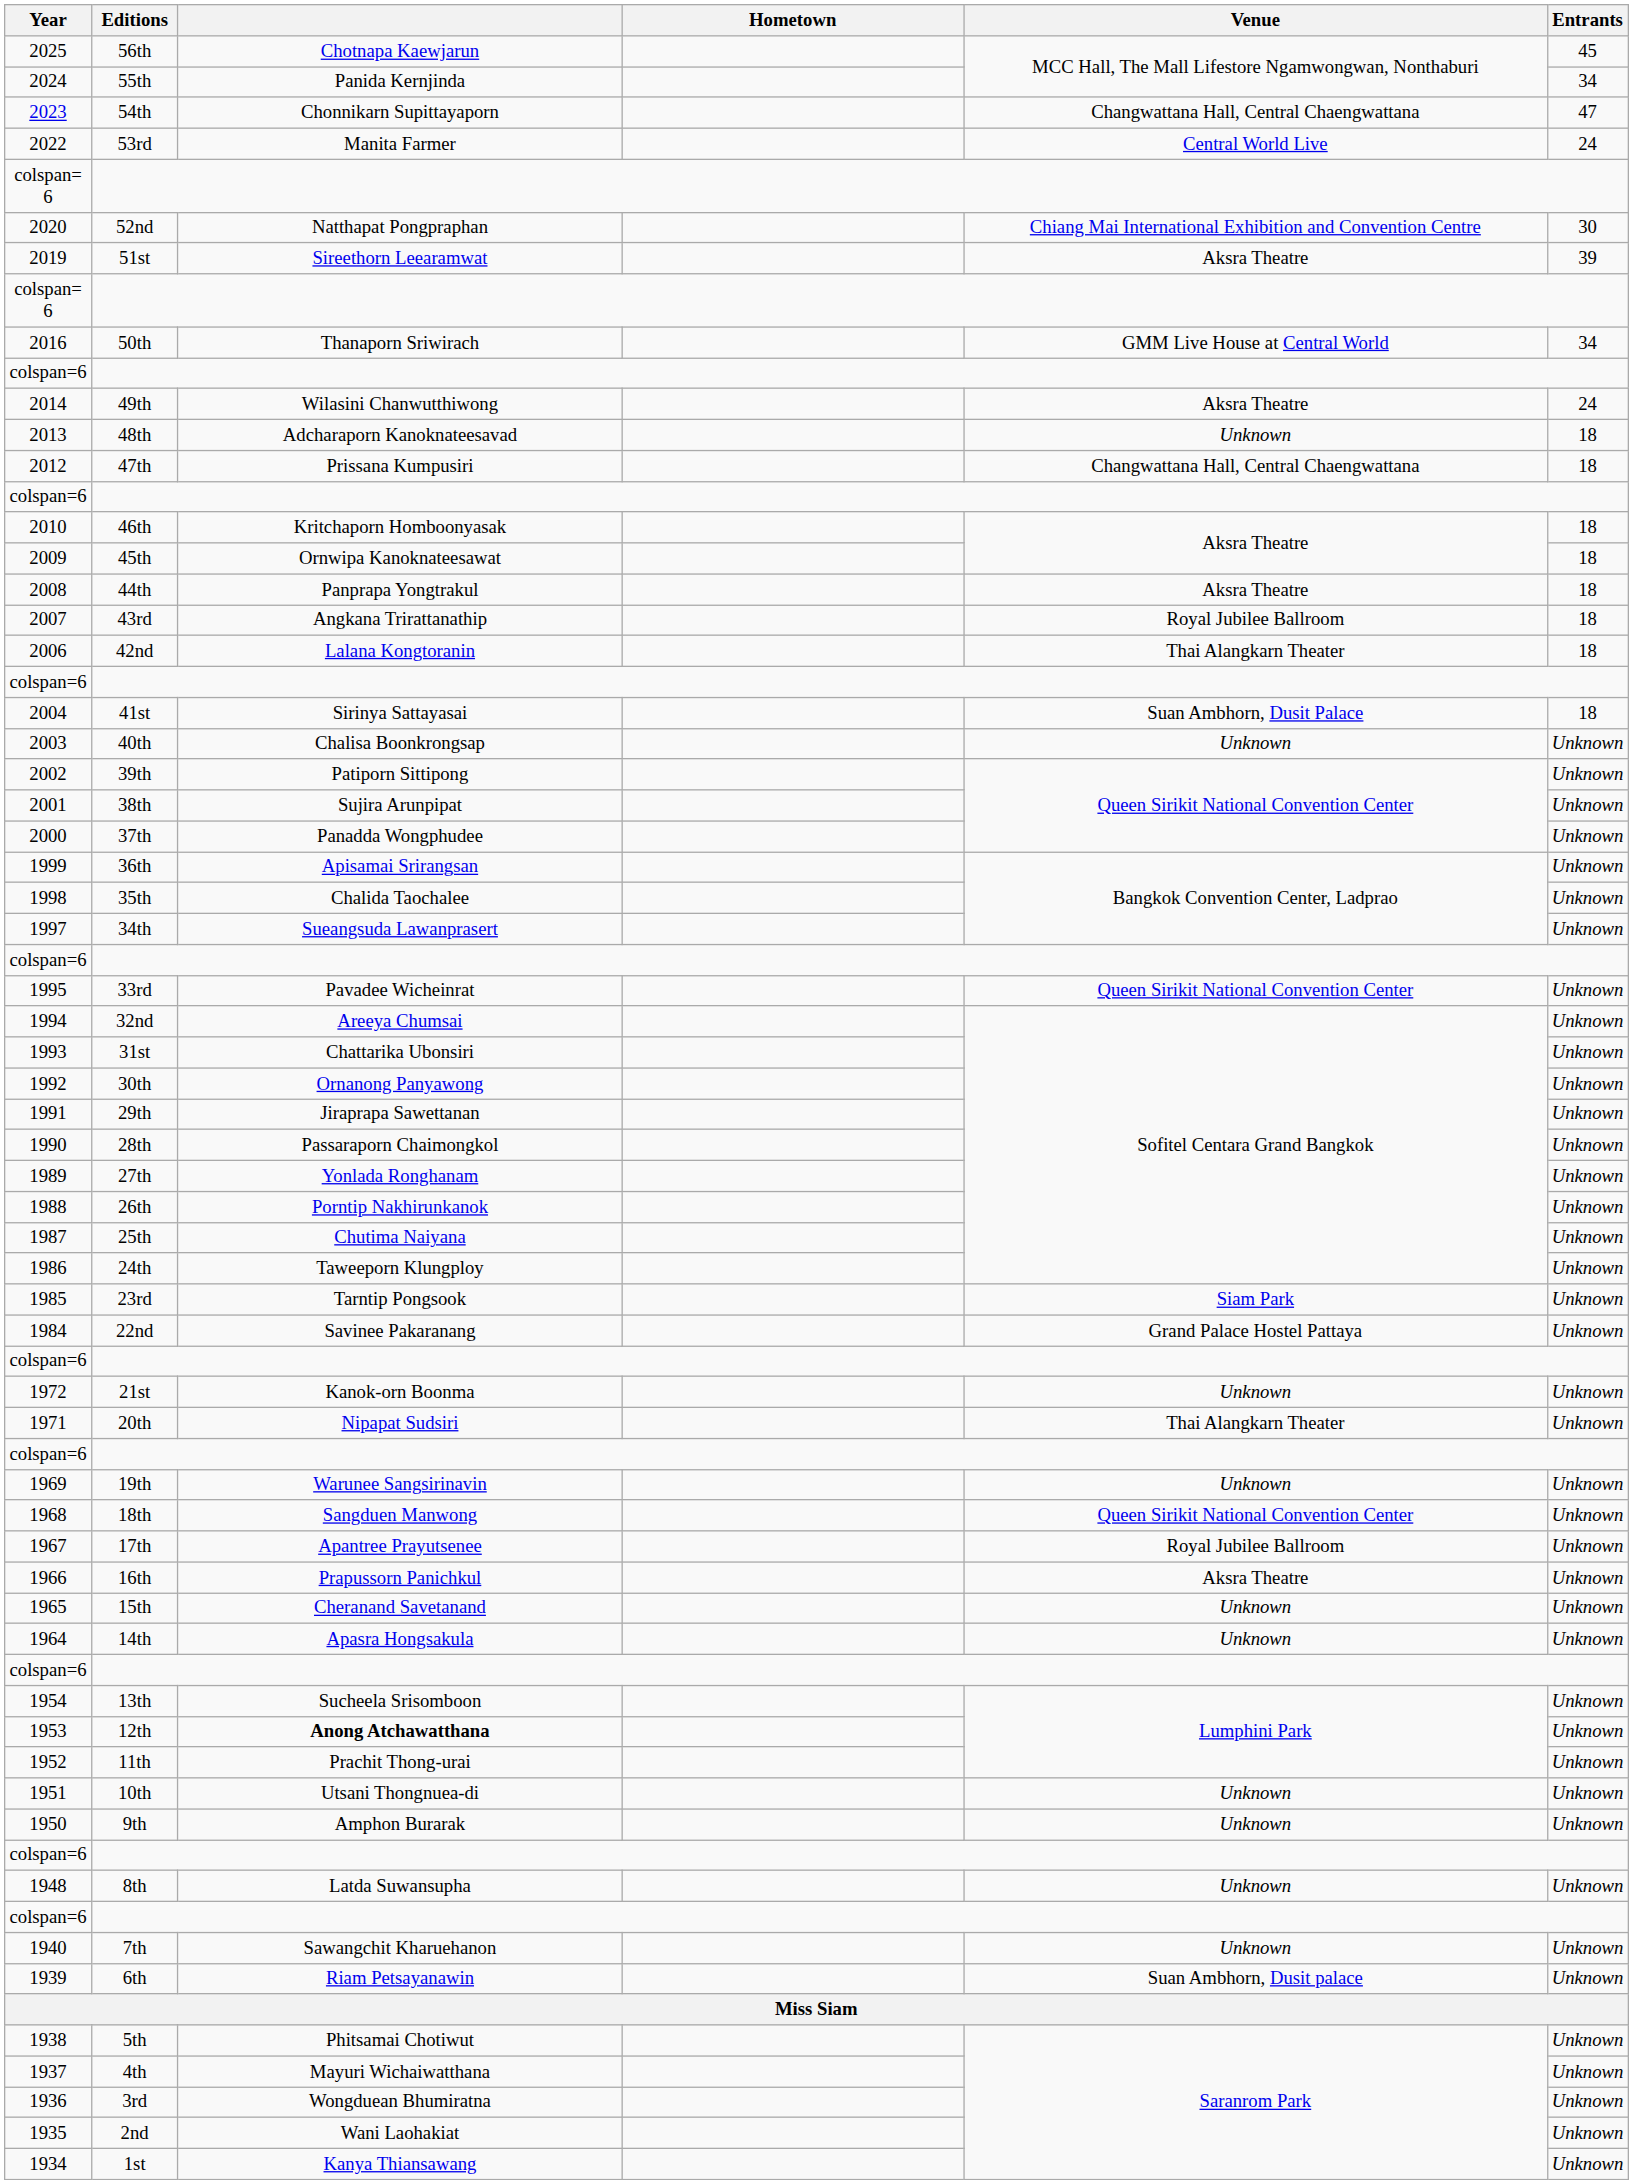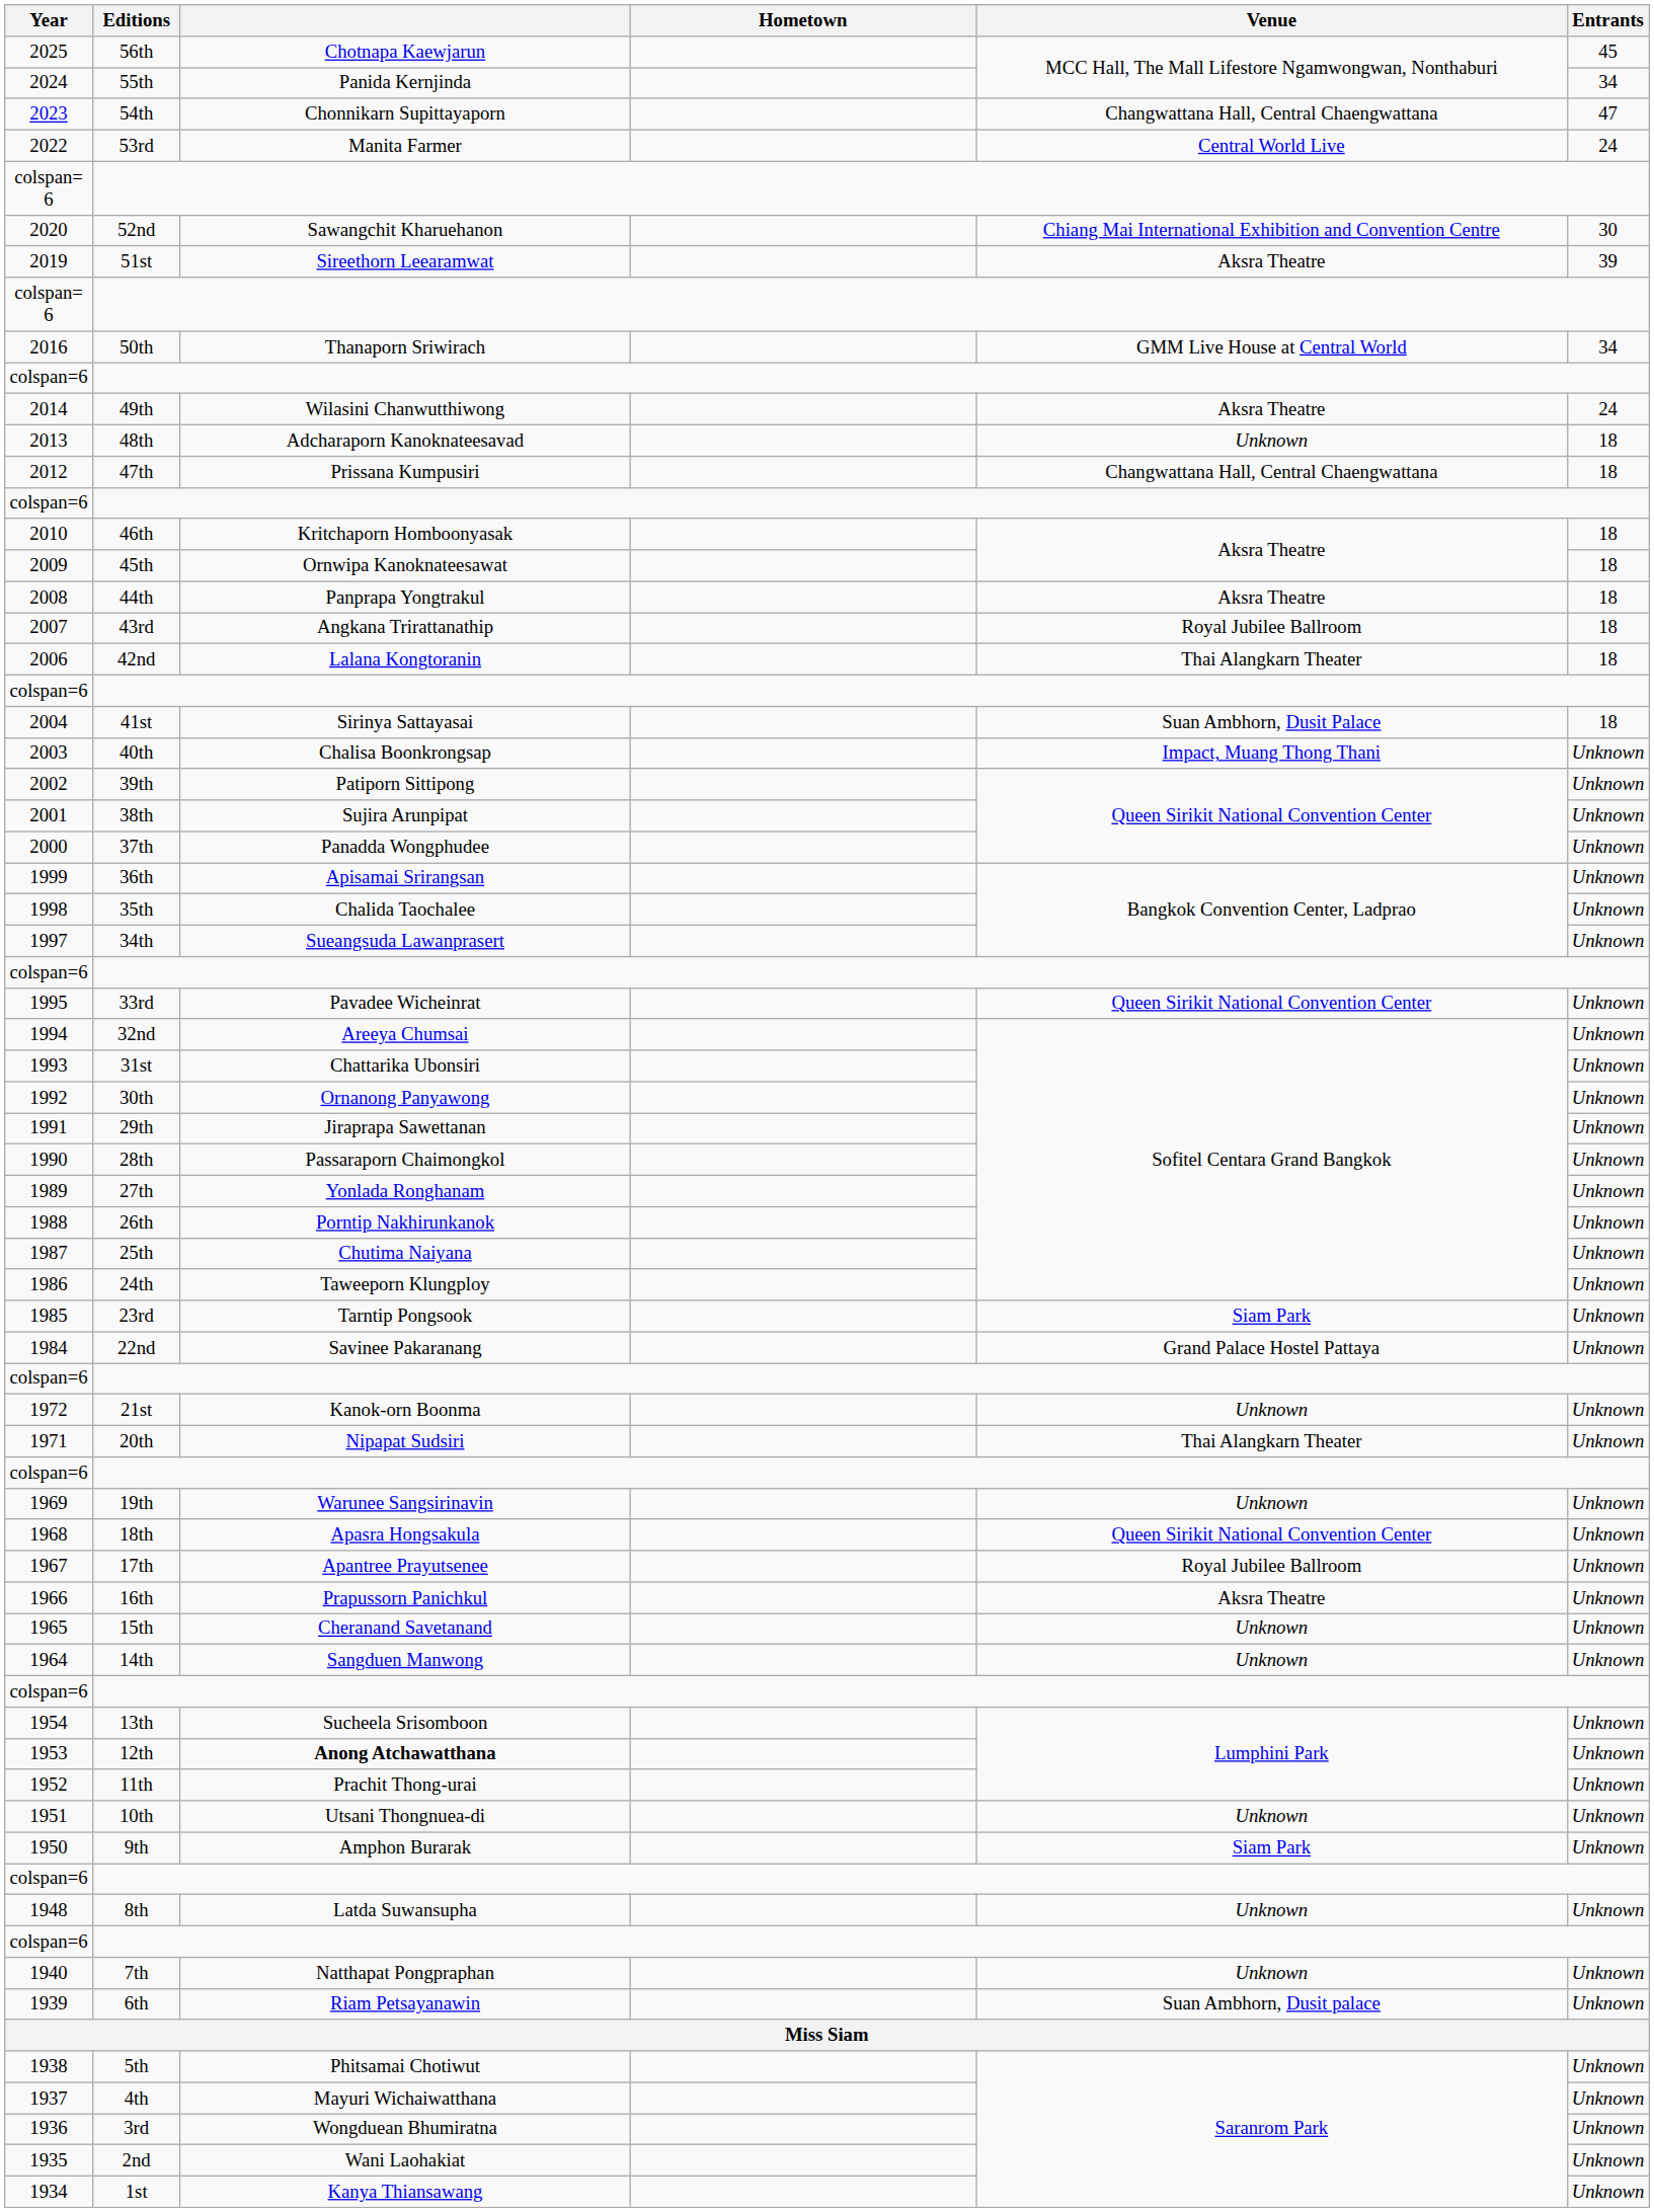 <table class="wikitable" style="font-size: 90%; text-align:center">
 <tr>
 <th width="60">Year</th>
 <th width="60">Editions</th>
 <th width="340"></th>
 <th width="260">Hometown</th>
 <th width="450">Venue</th>
 <th width="50">Entrants</th>
 </tr>
 <tr>
 <td>2025</td>
 <td>56th</td>
 <td><a href='#'>Chotnapa Kaewjarun</a></td>
 <td align=left></td>
 <td rowspan="2">MCC Hall, The Mall Lifestore Ngamwongwan, Nonthaburi</td>
 <td>45</td>
 </tr>
 <tr>
 <td>2024</td>
 <td>55th</td>
 <td>Panida Kernjinda</td>
 <td align=left></td>
 <td>34</td>
 </tr>
 <tr>
 <td><a href='#'>2023</a></td>
 <td>54th</td>
 <td>Chonnikarn Supittayaporn</td>
 <td align=left></td>
 <td>Changwattana Hall, Central Chaengwattana</td>
 <td>47</td>
 </tr>
 <tr>
 <td>2022</td>
 <td>53rd</td>
 <td>Manita Farmer</td>
 <td align=left></td>
 <td><a href='#'>Central World Live</a></td>
 <td>24</td>
 </tr>
 <tr>
 <td>colspan= 6 </td>
 </tr>
 <tr>
 <td>2020</td>
 <td>52nd</td>
-<td>Natthapat Pongpraphan</td>
+<td>Sawangchit Kharuehanon</td>
 <td align=left></td>
 <td><a href='#'>Chiang Mai International Exhibition and Convention Centre</a></td>
 <td>30</td>
 </tr>
 <tr>
 <td>2019</td>
 <td>51st</td>
 <td><a href='#'>Sireethorn Leearamwat</a></td>
 <td align=left></td>
 <td>Aksra Theatre</td>
 <td>39</td>
 </tr>
 <tr>
 <td>colspan= 6 </td>
 </tr>
 <tr>
 <td>2016</td>
 <td>50th</td>
 <td>Thanaporn Sriwirach</td>
 <td align=left></td>
 <td>GMM Live House at <a href='#'>Central World</a></td>
 <td>34</td>
 </tr>
 <tr>
 <td>colspan=6 </td>
 </tr>
 <tr>
 <td>2014</td>
 <td>49th</td>
 <td>Wilasini Chanwutthiwong</td>
 <td align=left></td>
 <td>Aksra Theatre</td>
 <td>24</td>
 </tr>
 <tr>
 <td>2013</td>
 <td>48th</td>
 <td>Adcharaporn Kanoknateesavad</td>
 <td align=left></td>
 <td><em>Unknown</em></td>
 <td>18</td>
 </tr>
 <tr>
 <td>2012</td>
 <td>47th</td>
 <td>Prissana Kumpusiri</td>
 <td align=left></td>
 <td>Changwattana Hall, Central Chaengwattana</td>
 <td>18</td>
 </tr>
 <tr>
 <td>colspan=6 </td>
 </tr>
 <tr>
 <td>2010</td>
 <td>46th</td>
 <td>Kritchaporn Homboonyasak</td>
 <td align=left></td>
 <td rowspan="2">Aksra Theatre</td>
 <td>18</td>
 </tr>
 <tr>
 <td>2009</td>
 <td>45th</td>
 <td>Ornwipa Kanoknateesawat</td>
 <td align=left></td>
 <td>18</td>
 </tr>
 <tr>
 <td>2008</td>
 <td>44th</td>
 <td>Panprapa Yongtrakul</td>
 <td align=left></td>
 <td>Aksra Theatre</td>
 <td>18</td>
 </tr>
 <tr>
 <td>2007</td>
 <td>43rd</td>
 <td>Angkana Trirattanathip</td>
 <td align=left></td>
 <td>Royal Jubilee Ballroom</td>
 <td>18</td>
 </tr>
 <tr>
 <td>2006</td>
 <td>42nd</td>
 <td><a href='#'>Lalana Kongtoranin</a></td>
 <td align=left></td>
 <td>Thai Alangkarn Theater</td>
 <td>18</td>
 </tr>
 <tr>
 <td>colspan=6 </td>
 </tr>
 <tr>
 <td>2004</td>
 <td>41st</td>
 <td>Sirinya Sattayasai</td>
 <td align=left></td>
 <td>Suan Ambhorn, <a href='#'>Dusit Palace</a></td>
 <td>18</td>
 </tr>
 <tr>
 <td>2003</td>
 <td>40th</td>
 <td>Chalisa Boonkrongsap</td>
 <td align=left></td>
-<td><em>Unknown</em></td>
+<td><a href='#'>Impact, Muang Thong Thani</a></td>
 <td><em>Unknown</em></td>
 </tr>
 <tr>
 <td>2002</td>
 <td>39th</td>
 <td>Patiporn Sittipong</td>
 <td align=left></td>
 <td rowspan="3"><a href='#'>Queen Sirikit National Convention Center</a></td>
 <td><em>Unknown</em></td>
 </tr>
 <tr>
 <td>2001</td>
 <td>38th</td>
 <td>Sujira Arunpipat</td>
 <td align=left></td>
 <td><em>Unknown</em></td>
 </tr>
 <tr>
 <td>2000</td>
 <td>37th</td>
 <td>Panadda Wongphudee</td>
 <td align=left></td>
 <td><em>Unknown</em></td>
 </tr>
 <tr>
 <td>1999</td>
 <td>36th</td>
 <td><a href='#'>Apisamai Srirangsan</a></td>
 <td align=left></td>
 <td rowspan="3">Bangkok Convention Center, Ladprao</td>
 <td><em>Unknown</em></td>
 </tr>
 <tr>
 <td>1998</td>
 <td>35th</td>
 <td>Chalida Taochalee</td>
 <td align=left></td>
 <td><em>Unknown</em></td>
 </tr>
 <tr>
 <td>1997</td>
 <td>34th</td>
 <td><a href='#'>Sueangsuda Lawanprasert</a></td>
 <td align=left></td>
 <td><em>Unknown</em></td>
 </tr>
 <tr>
 <td>colspan=6 </td>
 </tr>
 <tr>
 <td>1995</td>
 <td>33rd</td>
 <td>Pavadee Wicheinrat</td>
 <td align=left></td>
 <td><a href='#'>Queen Sirikit National Convention Center</a></td>
 <td><em>Unknown</em></td>
 </tr>
 <tr>
 <td>1994</td>
 <td>32nd</td>
 <td><a href='#'>Areeya Chumsai</a></td>
 <td align=left></td>
 <td rowspan="9">Sofitel Centara Grand Bangkok</td>
 <td><em>Unknown</em></td>
 </tr>
 <tr>
 <td>1993</td>
 <td>31st</td>
 <td>Chattarika Ubonsiri</td>
 <td align=left></td>
 <td><em>Unknown</em></td>
 </tr>
 <tr>
 <td>1992</td>
 <td>30th</td>
 <td><a href='#'>Ornanong Panyawong</a></td>
 <td align=left></td>
 <td><em>Unknown</em></td>
 </tr>
 <tr>
 <td>1991</td>
 <td>29th</td>
 <td>Jiraprapa Sawettanan</td>
 <td align=left></td>
 <td><em>Unknown</em></td>
 </tr>
 <tr>
 <td>1990</td>
 <td>28th</td>
 <td>Passaraporn Chaimongkol</td>
 <td align=left></td>
 <td><em>Unknown</em></td>
 </tr>
 <tr>
 <td>1989</td>
 <td>27th</td>
 <td><a href='#'>Yonlada Ronghanam</a></td>
 <td align=left></td>
 <td><em>Unknown</em></td>
 </tr>
 <tr>
 <td>1988</td>
 <td>26th</td>
 <td><a href='#'>Porntip Nakhirunkanok</a></td>
 <td align=left></td>
 <td><em>Unknown</em></td>
 </tr>
 <tr>
 <td>1987</td>
 <td>25th</td>
 <td><a href='#'>Chutima Naiyana</a></td>
 <td align=left></td>
 <td><em>Unknown</em></td>
 </tr>
 <tr>
 <td>1986</td>
 <td>24th</td>
 <td>Taweeporn Klungploy</td>
 <td align=left></td>
 <td><em>Unknown</em></td>
 </tr>
 <tr>
 <td>1985</td>
 <td>23rd</td>
 <td>Tarntip Pongsook</td>
 <td align=left></td>
 <td><a href='#'>Siam Park</a></td>
 <td><em>Unknown</em></td>
 </tr>
 <tr>
 <td>1984</td>
 <td>22nd</td>
 <td>Savinee Pakaranang</td>
 <td align=left></td>
 <td>Grand Palace Hostel Pattaya</td>
 <td><em>Unknown</em></td>
 </tr>
 <tr>
 <td>colspan=6 </td>
 </tr>
 <tr>
 <td>1972</td>
 <td>21st</td>
 <td>Kanok-orn Boonma</td>
 <td align=left></td>
 <td><em>Unknown</em></td>
 <td><em>Unknown</em></td>
 </tr>
 <tr>
 <td>1971</td>
 <td>20th</td>
 <td><a href='#'>Nipapat Sudsiri</a></td>
 <td align=left></td>
 <td>Thai Alangkarn Theater</td>
 <td><em>Unknown</em></td>
 </tr>
 <tr>
 <td>colspan=6 </td>
 </tr>
 <tr>
 <td>1969</td>
 <td>19th</td>
 <td><a href='#'>Warunee Sangsirinavin</a></td>
 <td align=left></td>
 <td><em>Unknown</em></td>
 <td><em>Unknown</em></td>
 </tr>
 <tr>
 <td>1968</td>
 <td>18th</td>
-<td><a href='#'>Sangduen Manwong</a></td>
+<td><a href='#'>Apasra Hongsakula</a></td>
 <td align=left></td>
 <td><a href='#'>Queen Sirikit National Convention Center</a></td>
 <td><em>Unknown</em></td>
 </tr>
 <tr>
 <td>1967</td>
 <td>17th</td>
 <td><a href='#'>Apantree Prayutsenee</a></td>
 <td align=left></td>
 <td>Royal Jubilee Ballroom</td>
 <td><em>Unknown</em></td>
 </tr>
 <tr>
 <td>1966</td>
 <td>16th</td>
 <td><a href='#'>Prapussorn Panichkul</a></td>
 <td align=left></td>
 <td>Aksra Theatre</td>
 <td><em>Unknown</em></td>
 </tr>
 <tr>
 <td>1965</td>
 <td>15th</td>
 <td><a href='#'>Cheranand Savetanand</a></td>
 <td align=left></td>
 <td><em>Unknown</em></td>
 <td><em>Unknown</em></td>
 </tr>
 <tr>
 <td>1964</td>
 <td>14th</td>
-<td><a href='#'>Apasra Hongsakula</a></td>
+<td><a href='#'>Sangduen Manwong</a></td>
 <td align=left></td>
 <td><em>Unknown</em></td>
 <td><em>Unknown</em></td>
 </tr>
 <tr>
 <td>colspan=6 </td>
 </tr>
 <tr>
 <td>1954</td>
 <td>13th</td>
 <td>Sucheela Srisomboon</td>
 <td align=left></td>
 <td rowspan="3"><a href='#'>Lumphini Park</a></td>
 <td><em>Unknown</em></td>
 </tr>
 <tr>
 <td>1953</td>
 <td>12th</td>
 <td><strong>Anong Atchawatthana</strong></td>
 <td align=left></td>
 <td><em>Unknown</em></td>
 </tr>
 <tr>
 <td>1952</td>
 <td>11th</td>
 <td>Prachit Thong-urai</td>
 <td align=left></td>
 <td><em>Unknown</em></td>
 </tr>
 <tr>
 <td>1951</td>
 <td>10th</td>
 <td>Utsani Thongnuea-di</td>
 <td align=left></td>
 <td><em>Unknown</em></td>
 <td><em>Unknown</em></td>
 </tr>
 <tr>
 <td>1950</td>
 <td>9th</td>
 <td>Amphon Burarak</td>
 <td align=left></td>
-<td><em>Unknown</em></td>
+<td><a href='#'>Siam Park</a></td>
 <td><em>Unknown</em></td>
 </tr>
 <tr>
 <td>colspan=6 </td>
 </tr>
 <tr>
 <td>1948</td>
 <td>8th</td>
 <td>Latda Suwansupha</td>
 <td align=left></td>
 <td><em>Unknown</em></td>
 <td><em>Unknown</em></td>
 </tr>
 <tr>
 <td>colspan=6 </td>
 </tr>
 <tr>
 <td>1940</td>
 <td>7th</td>
-<td>Sawangchit Kharuehanon</td>
+<td>Natthapat Pongpraphan</td>
 <td align=left></td>
 <td><em>Unknown</em></td>
 <td><em>Unknown</em></td>
 </tr>
 <tr>
 <td>1939</td>
 <td>6th</td>
 <td><a href='#'>Riam Petsayanawin</a></td>
 <td align=left></td>
 <td>Suan Ambhorn, <a href='#'>Dusit palace</a></td>
 <td><em>Unknown</em></td>
 </tr>
 <tr>
 <th colspan="6" align="center" bgcolor="#efefef"><strong>Miss Siam</strong></th>
 </tr>
 <tr>
 <td>1938</td>
 <td>5th</td>
 <td>Phitsamai Chotiwut</td>
 <td align=left></td>
 <td rowspan="5"><a href='#'>Saranrom Park</a></td>
 <td><em>Unknown</em></td>
 </tr>
 <tr>
 <td>1937</td>
 <td>4th</td>
 <td>Mayuri Wichaiwatthana</td>
 <td align=left></td>
 <td><em>Unknown</em></td>
 </tr>
 <tr>
 <td>1936</td>
 <td>3rd</td>
 <td>Wongduean Bhumiratna</td>
 <td align=left></td>
 <td><em>Unknown</em></td>
 </tr>
 <tr>
 <td>1935</td>
 <td>2nd</td>
 <td>Wani Laohakiat</td>
 <td align=left></td>
 <td><em>Unknown</em></td>
 </tr>
 <tr>
 <td>1934</td>
 <td>1st</td>
 <td><a href='#'>Kanya Thiansawang</a></td>
 <td align=left></td>
 <td><em>Unknown</em></td>
 </tr>
 </table>
